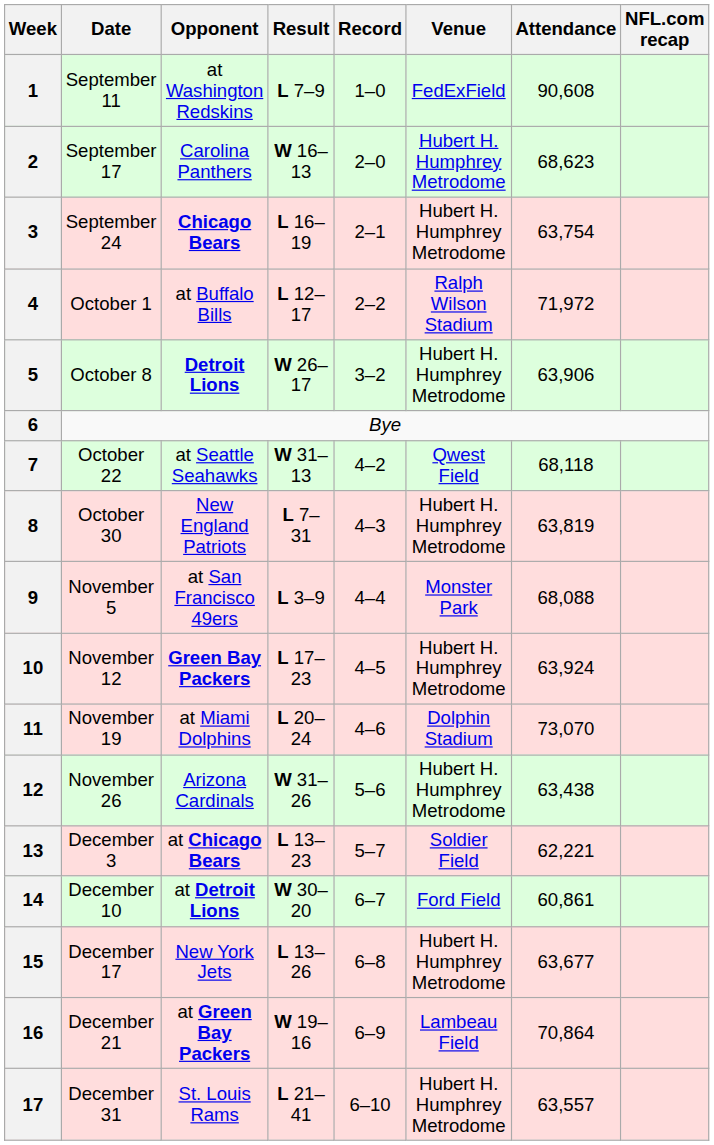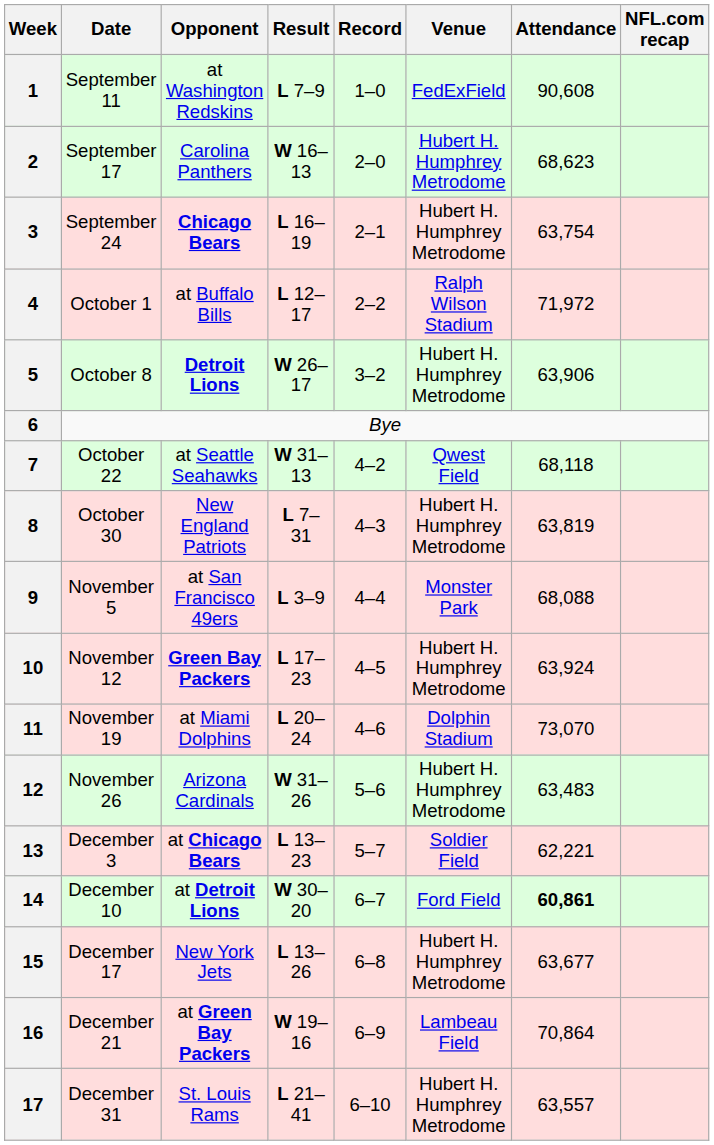 <table class="wikitable" style="text-align:center">
 <tr>
 <th>Week</th>
 <th>Date</th>
 <th>Opponent</th>
 <th>Result</th>
 <th>Record</th>
 <th>Venue</th>
 <th>Attendance</th>
 <th>NFL.com<br>recap</th>
 </tr>
 <tr style="background:#ddffdd">
 <th>1</th>
 <td>September 11</td>
 <td>at <a href='#'>Washington Redskins</a></td>
 <td><strong>L</strong> 7–9</td>
 <td>1–0</td>
 <td><a href='#'>FedExField</a></td>
 <td>90,608</td>
 <td></td>
 </tr>
 <tr style="background:#ddffdd">
 <th>2</th>
 <td>September 17</td>
 <td><a href='#'>Carolina Panthers</a></td>
 <td><strong>W</strong> 16–13 </td>
 <td>2–0</td>
 <td><a href='#'>Hubert H. Humphrey Metrodome</a></td>
 <td>68,623</td>
 <td></td>
 </tr>
 <tr style="background:#ffdddd">
 <th>3</th>
 <td>September 24</td>
 <td><strong><a href='#'>Chicago Bears</a></strong></td>
 <td><strong>L</strong> 16–19</td>
 <td>2–1</td>
 <td>Hubert H. Humphrey Metrodome</td>
 <td>63,754</td>
 <td></td>
 </tr>
 <tr style="background:#ffdddd">
 <th>4</th>
 <td>October 1</td>
 <td>at <a href='#'>Buffalo Bills</a></td>
 <td><strong>L</strong> 12–17</td>
 <td>2–2</td>
 <td><a href='#'>Ralph Wilson Stadium</a></td>
 <td>71,972</td>
 <td></td>
 </tr>
 <tr style="background:#ddffdd">
 <th>5</th>
 <td>October 8</td>
 <td><strong><a href='#'>Detroit Lions</a></strong></td>
 <td><strong>W</strong> 26–17</td>
 <td>3–2</td>
 <td>Hubert H. Humphrey Metrodome</td>
 <td>63,906</td>
 <td></td>
 </tr>
 <tr>
 <th>6</th>
 <td colspan="7" align="center"><em>Bye</em></td>
 </tr>
 <tr style="background:#ddffdd">
 <th>7</th>
 <td>October 22</td>
 <td>at <a href='#'>Seattle Seahawks</a></td>
 <td><strong>W</strong> 31–13</td>
 <td>4–2</td>
 <td><a href='#'>Qwest Field</a></td>
 <td>68,118</td>
 <td></td>
 </tr>
 <tr style="background:#ffdddd">
 <th>8</th>
 <td>October 30</td>
 <td><a href='#'>New England Patriots</a></td>
 <td><strong>L</strong> 7–31</td>
 <td>4–3</td>
 <td>Hubert H. Humphrey Metrodome</td>
 <td>63,819</td>
 <td></td>
 </tr>
 <tr style="background:#ffdddd">
 <th>9</th>
 <td>November 5</td>
 <td>at <a href='#'>San Francisco 49ers</a></td>
 <td><strong>L</strong> 3–9</td>
 <td>4–4</td>
 <td><a href='#'>Monster Park</a></td>
 <td>68,088</td>
 <td></td>
 </tr>
 <tr style="background:#ffdddd">
 <th>10</th>
 <td>November 12</td>
 <td><strong><a href='#'>Green Bay Packers</a></strong></td>
 <td><strong>L</strong> 17–23</td>
 <td>4–5</td>
 <td>Hubert H. Humphrey Metrodome</td>
 <td>63,924</td>
 <td></td>
 </tr>
 <tr style="background:#ffdddd">
 <th>11</th>
 <td>November 19</td>
 <td>at <a href='#'>Miami Dolphins</a></td>
 <td><strong>L</strong> 20–24</td>
 <td>4–6</td>
 <td><a href='#'>Dolphin Stadium</a></td>
 <td>73,070</td>
 <td></td>
 </tr>
 <tr style="background:#ddffdd">
 <th>12</th>
 <td>November 26</td>
 <td><a href='#'>Arizona Cardinals</a></td>
 <td><strong>W</strong> 31–26</td>
 <td>5–6</td>
 <td>Hubert H. Humphrey Metrodome</td>
-<td>63,438</td>
+<td>63,483</td>
 <td></td>
 </tr>
 <tr style="background:#ffdddd">
 <th>13</th>
 <td>December 3</td>
 <td>at <strong><a href='#'>Chicago Bears</a></strong></td>
 <td><strong>L</strong> 13–23</td>
 <td>5–7</td>
 <td><a href='#'>Soldier Field</a></td>
 <td>62,221</td>
 <td></td>
 </tr>
 <tr style="background:#ddffdd">
 <th>14</th>
 <td>December 10</td>
 <td>at <strong><a href='#'>Detroit Lions</a></strong></td>
 <td><strong>W</strong> 30–20</td>
 <td>6–7</td>
 <td><a href='#'>Ford Field</a></td>
-<td>60,861</td>
+<td><strong>60,861</strong></td>
 <td></td>
 </tr>
 <tr style="background:#ffdddd">
 <th>15</th>
 <td>December 17</td>
 <td><a href='#'>New York Jets</a></td>
 <td><strong>L</strong> 13–26</td>
 <td>6–8</td>
 <td>Hubert H. Humphrey Metrodome</td>
 <td>63,677</td>
 <td></td>
 </tr>
 <tr style="background:#ffdddd">
 <th>16</th>
 <td>December 21</td>
 <td>at <strong><a href='#'>Green Bay Packers</a></strong></td>
 <td><strong>W</strong> 19–16</td>
 <td>6–9</td>
 <td><a href='#'>Lambeau Field</a></td>
 <td>70,864</td>
 <td></td>
 </tr>
 <tr style="background:#ffdddd">
 <th>17</th>
 <td>December 31</td>
 <td><a href='#'>St. Louis Rams</a></td>
 <td><strong>L</strong> 21–41</td>
 <td>6–10</td>
 <td>Hubert H. Humphrey Metrodome</td>
 <td>63,557</td>
 <td></td>
 </tr>
 </table>
